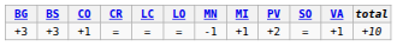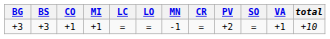 <table class="wikitable" border="1">
 <tr style="vertical-align:bottom;">
 <th> <a href='#'>BG</a> </th>
 <th> <a href='#'>BS</a> </th>
 <th> <a href='#'>CO</a> </th>
-<th> <a href='#'>CR</a> </th>
+<th> <a href='#'>MI</a> </th>
 <th> <a href='#'>LC</a> </th>
 <th> <a href='#'>LO</a> </th>
 <th> <a href='#'>MN</a> </th>
-<th> <a href='#'>MI</a> </th>
+<th> <a href='#'>CR</a> </th>
 <th> <a href='#'>PV</a> </th>
 <th> <a href='#'>SO</a> </th>
 <th> <a href='#'>VA</a> </th>
 <th><em>total</em></th>
 </tr>
 <tr style="text-align:center;">
 <td>+3</td>
 <td>+3</td>
 <td>+1</td>
-<td>=</td>
+<td>+1</td>
 <td>=</td>
 <td>=</td>
 <td>-1</td>
-<td>+1</td>
+<td>=</td>
 <td>+2</td>
 <td>=</td>
 <td>+1</td>
 <td><em>+10</em></td>
 </tr>
 </table>
